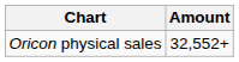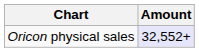 <table class="wikitable">
 <tr>
 <th>Chart</th>
 <th>Amount</th>
 </tr>
 <tr>
 <td><em>Oricon</em> physical sales</td>
-<td style="text-align:center;">32,552+</td>
+<td style="background: lavender; text-align:center;">32,552+</td>
 </tr>
 </table>
